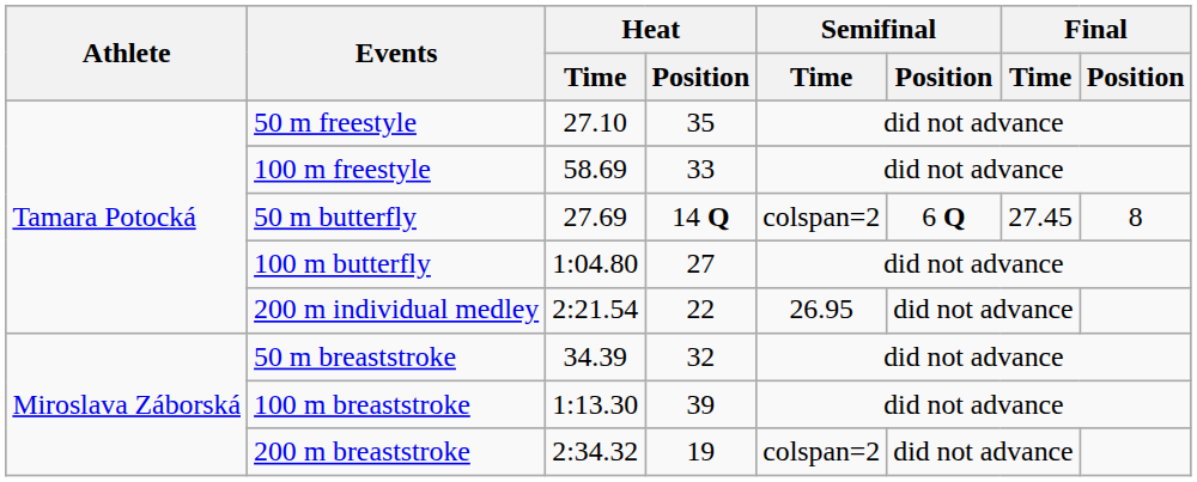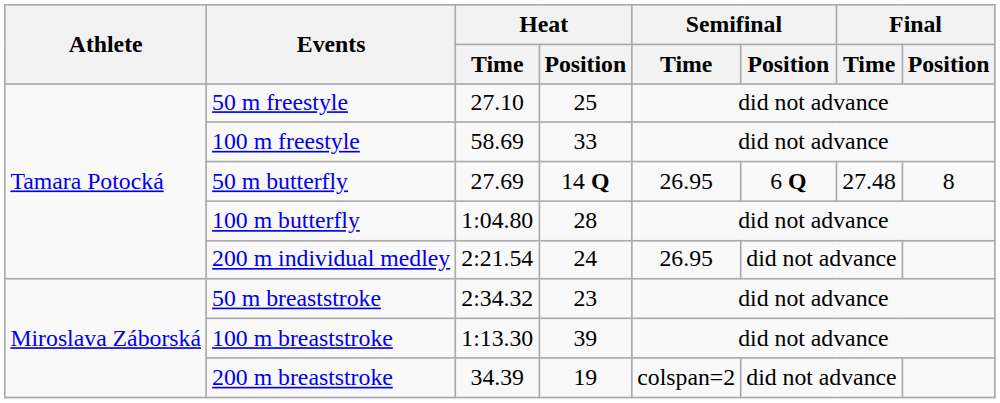 <table class="wikitable" border="1" style="font-size:90%">
 <tr>
 <th rowspan=2>Athlete</th>
 <th rowspan=2>Events</th>
 <th colspan=2>Heat</th>
 <th colspan=2>Semifinal</th>
 <th colspan=2>Final</th>
 </tr>
 <tr>
 <th>Time</th>
 <th>Position</th>
 <th>Time</th>
 <th>Position</th>
 <th>Time</th>
 <th>Position</th>
 </tr>
 <tr align=center>
 <td align=left rowspan=5><a href='#'>Tamara Potocká</a></td>
 <td align=left><a href='#'>50 m freestyle</a></td>
 <td>27.10</td>
-<td>35</td>
+<td>25</td>
 <td colspan=4>did not advance</td>
 </tr>
 <tr align=center>
 <td align=left><a href='#'>100 m freestyle</a></td>
 <td>58.69</td>
 <td>33</td>
 <td colspan=4>did not advance</td>
 </tr>
 <tr align=center>
 <td align=left><a href='#'>50 m butterfly</a></td>
 <td>27.69</td>
 <td>14 <strong>Q</strong></td>
-<td>colspan=2 </td>
+<td>26.95</td>
 <td>6 <strong>Q</strong></td>
-<td>27.45</td>
+<td>27.48</td>
 <td>8</td>
 </tr>
 <tr align=center>
 <td align=left><a href='#'>100 m butterfly</a></td>
 <td>1:04.80</td>
-<td>27</td>
+<td>28</td>
 <td colspan=4>did not advance</td>
 </tr>
 <tr align=center>
 <td align=left><a href='#'>200 m individual medley</a></td>
 <td>2:21.54</td>
-<td>22</td>
+<td>24</td>
 <td>26.95</td>
 <td colspan=2>did not advance</td>
 </tr>
 <tr align=center>
 <td align=left rowspan=3><a href='#'>Miroslava Záborská</a></td>
 <td align=left><a href='#'>50 m breaststroke</a></td>
-<td>34.39</td>
-<td>32</td>
+<td>2:34.32</td>
+<td>23</td>
 <td colspan=4>did not advance</td>
 </tr>
 <tr align=center>
 <td align=left><a href='#'>100 m breaststroke</a></td>
 <td>1:13.30</td>
 <td>39</td>
 <td colspan=4>did not advance</td>
 </tr>
 <tr align=center>
 <td align=left><a href='#'>200 m breaststroke</a></td>
-<td>2:34.32</td>
+<td>34.39</td>
 <td>19</td>
 <td>colspan=2 </td>
 <td colspan=2>did not advance</td>
 </tr>
 </table>
